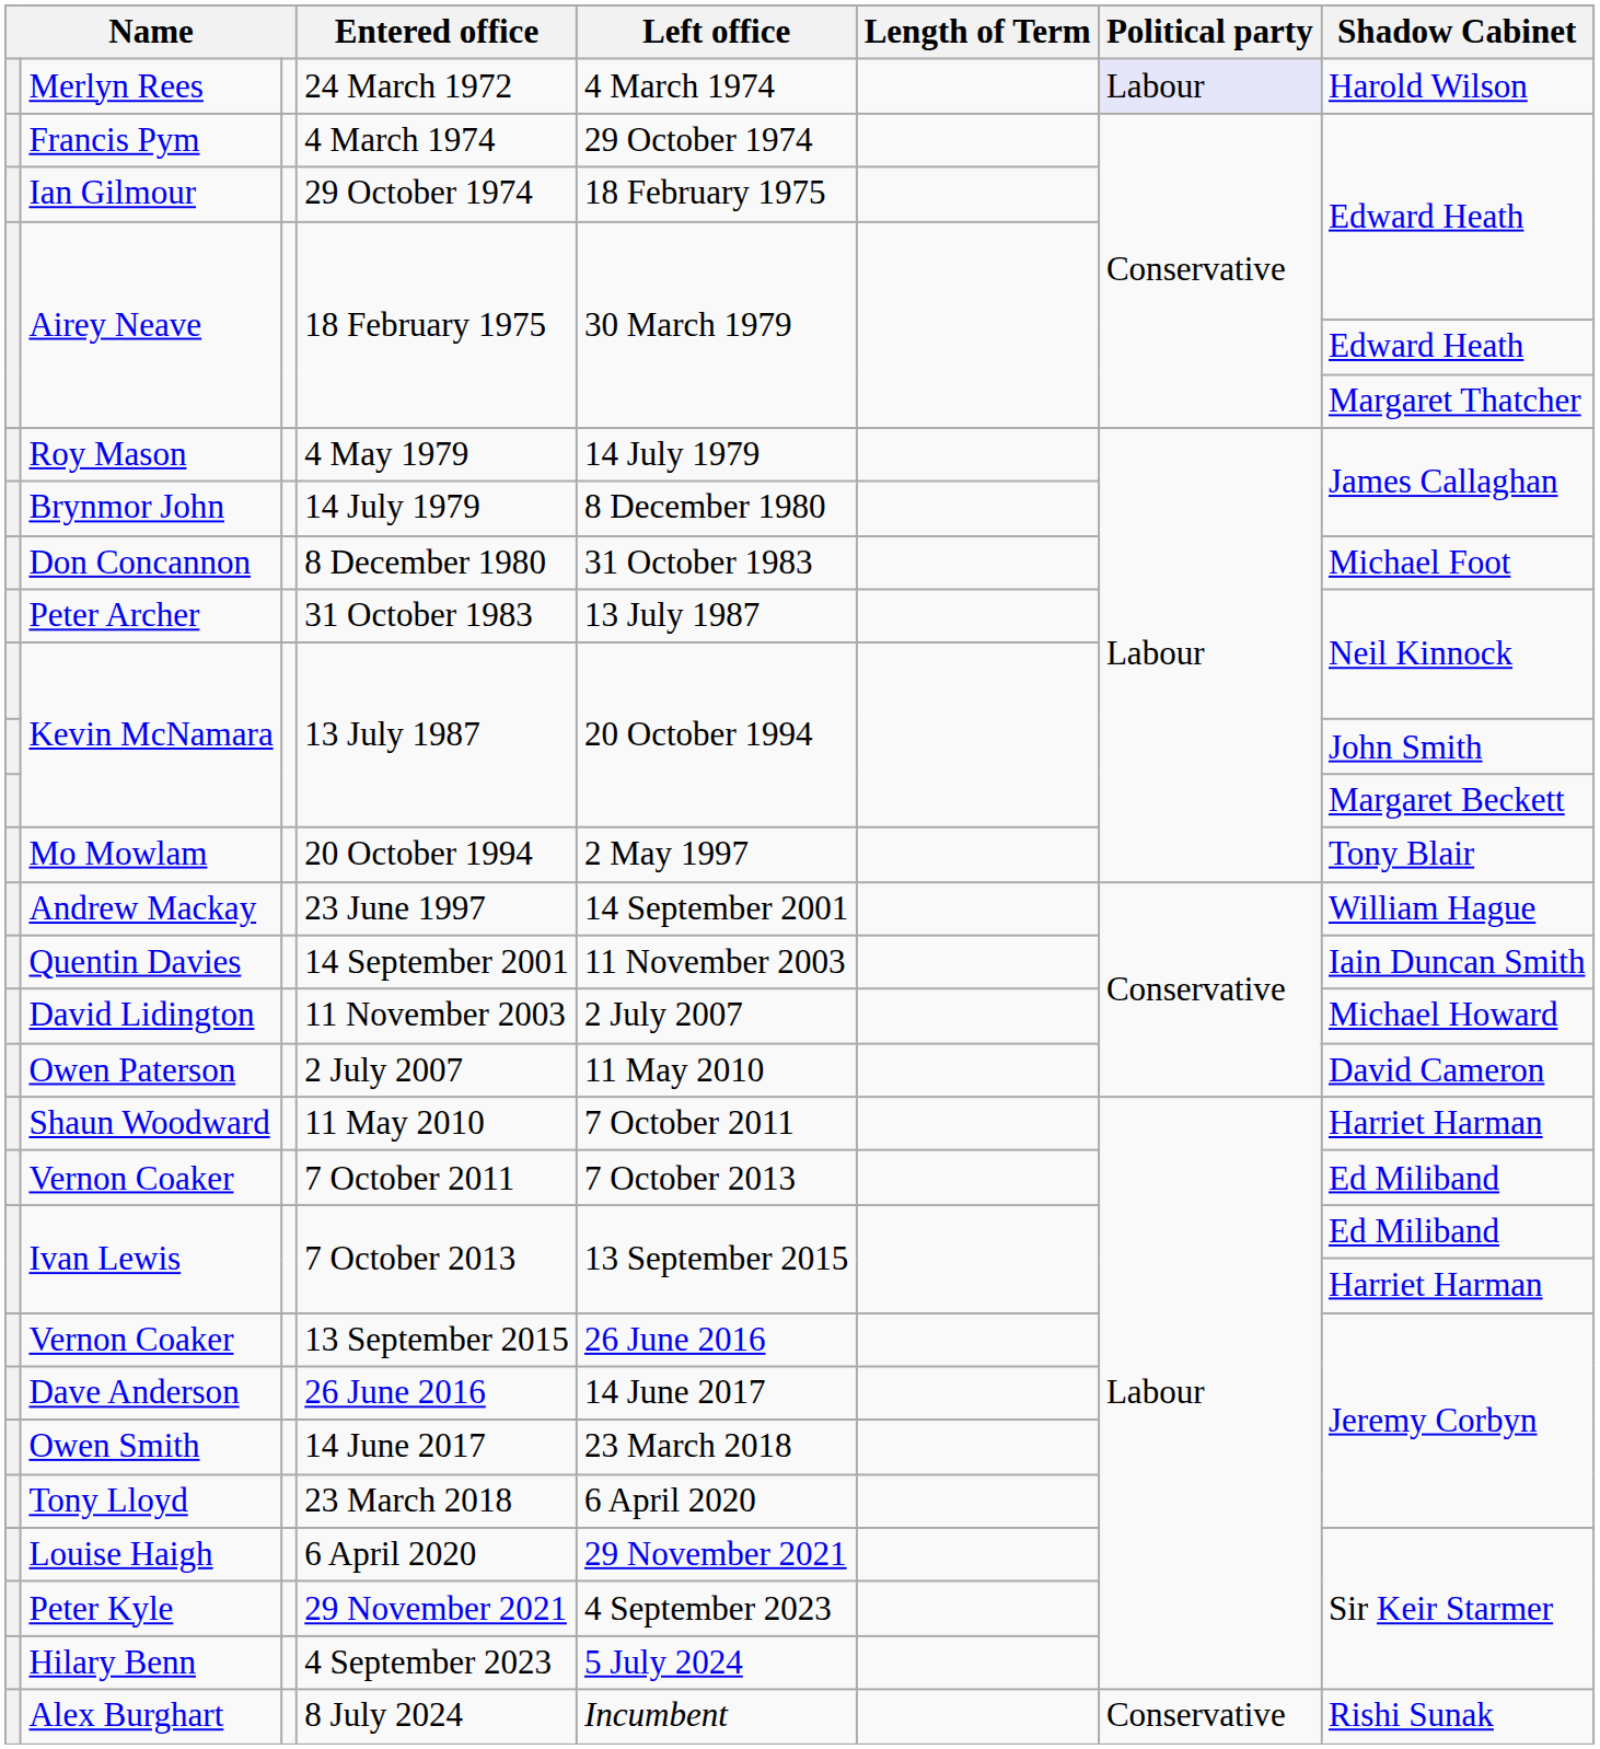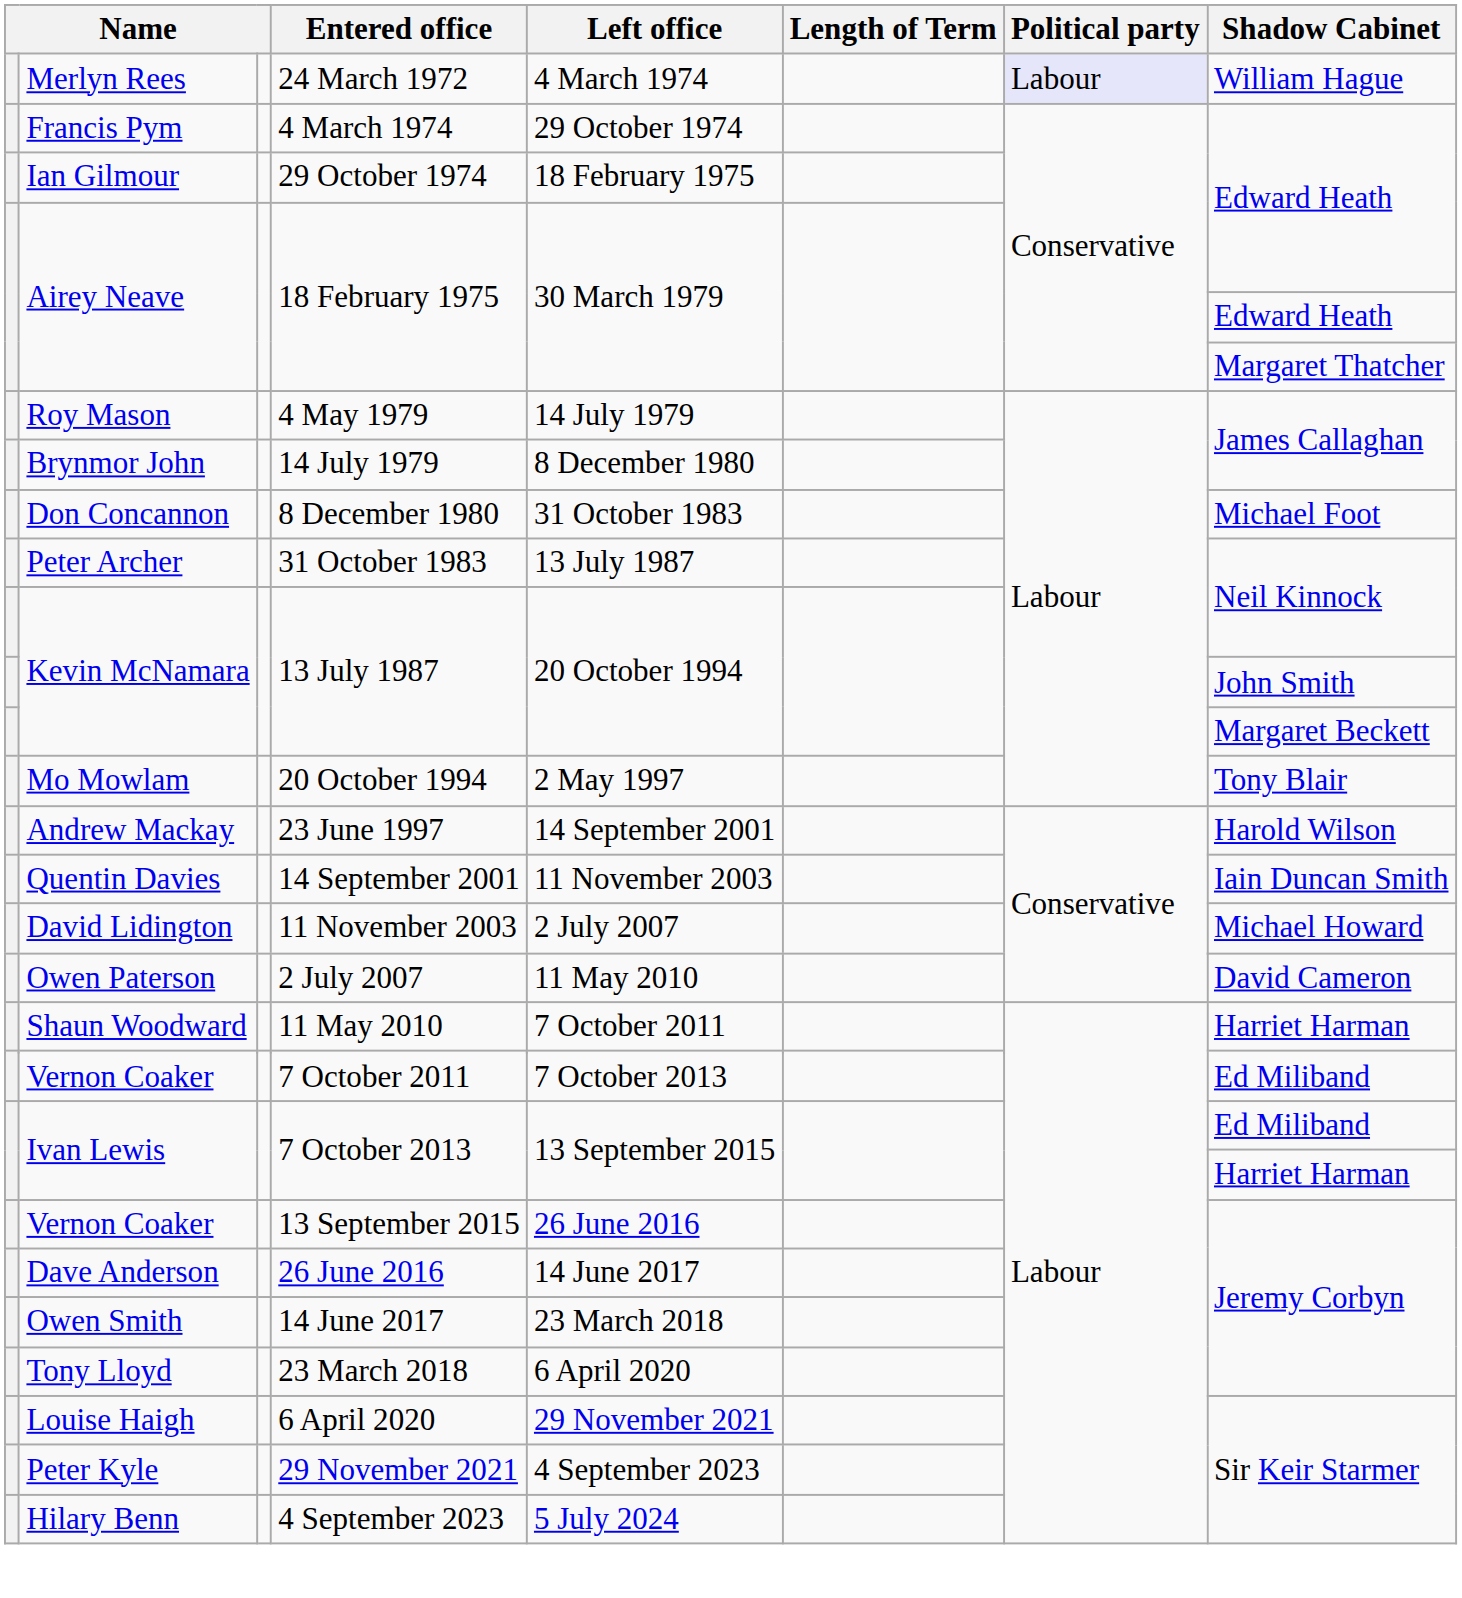 <table class="wikitable">
 <tr>
 <th colspan=3>Name</th>
 <th>Entered office</th>
 <th>Left office</th>
 <th>Length of Term</th>
 <th>Political party</th>
 <th>Shadow Cabinet</th>
 </tr>
 <tr>
 <th style="background-color: "></th>
 <td><a href='#'>Merlyn Rees</a></td>
 <td></td>
 <td>24 March 1972</td>
 <td>4 March 1974</td>
 <td></td>
 <td style="background: lavender;">Labour</td>
-<td><a href='#'>Harold Wilson</a></td>
+<td><a href='#'>William Hague</a></td>
 </tr>
 <tr>
 <th style="background-color: "></th>
 <td><a href='#'>Francis Pym</a></td>
 <td></td>
 <td>4 March 1974</td>
 <td>29 October 1974</td>
 <td></td>
 <td rowspan="5">Conservative</td>
 <td rowspan=3> <br> <br><a href='#'>Edward Heath</a><br> <br> </td>
 </tr>
 <tr>
 <th style="background-color: "></th>
 <td><a href='#'>Ian Gilmour</a></td>
 <td></td>
 <td>29 October 1974</td>
 <td>18 February 1975</td>
 <td></td>
 </tr>
 <tr>
 <th rowspan=3 style="background-color: "></th>
 <td rowspan="3"> <br><a href='#'>Airey Neave</a><br> </td>
 <td rowspan="3"></td>
 <td rowspan="3">18 February 1975</td>
 <td rowspan="3">30 March 1979</td>
 <td rowspan="3"></td>
 </tr>
 <tr>
 <td><a href='#'>Edward Heath</a></td>
 </tr>
 <tr>
 <td><a href='#'>Margaret Thatcher</a></td>
 </tr>
 <tr>
 <th style="background-color: "></th>
 <td><a href='#'>Roy Mason</a></td>
 <td></td>
 <td>4 May 1979</td>
 <td>14 July 1979</td>
 <td></td>
 <td rowspan="8">Labour</td>
 <td rowspan="2"><a href='#'>James Callaghan</a></td>
 </tr>
 <tr>
 <th style="background-color: "></th>
 <td><a href='#'>Brynmor John</a></td>
 <td></td>
 <td>14 July 1979</td>
 <td>8 December 1980</td>
 <td></td>
 </tr>
 <tr>
 <th style="background-color: "></th>
 <td><a href='#'>Don Concannon</a></td>
 <td></td>
 <td>8 December 1980</td>
 <td>31 October 1983</td>
 <td></td>
 <td><a href='#'>Michael Foot</a></td>
 </tr>
 <tr>
 <th style="background-color: "></th>
 <td><a href='#'>Peter Archer</a></td>
 <td></td>
 <td>31 October 1983</td>
 <td>13 July 1987</td>
 <td></td>
 <td rowspan="2"> <br><a href='#'>Neil Kinnock</a><br> </td>
 </tr>
 <tr>
 <th style="background-color: "></th>
 <td rowspan="3"> <br><a href='#'>Kevin McNamara</a><br> </td>
 <td rowspan="3"></td>
 <td rowspan="3">13 July 1987</td>
 <td rowspan="3">20 October 1994</td>
 <td rowspan="3"><strong></strong></td>
 </tr>
 <tr>
 <th style="background-color: "></th>
 <td><a href='#'>John Smith</a></td>
 </tr>
 <tr>
 <th style="background-color: "></th>
 <td><a href='#'>Margaret Beckett</a></td>
 </tr>
 <tr>
 <th style="background-color: "></th>
 <td><a href='#'>Mo Mowlam</a></td>
 <td></td>
 <td>20 October 1994</td>
 <td>2 May 1997</td>
 <td></td>
 <td><a href='#'>Tony Blair</a></td>
 </tr>
 <tr>
 <th style="background-color: "></th>
 <td><a href='#'>Andrew Mackay</a></td>
 <td></td>
 <td>23 June 1997</td>
 <td>14 September 2001</td>
 <td></td>
 <td rowspan="5">Conservative</td>
-<td><a href='#'>William Hague</a></td>
+<td><a href='#'>Harold Wilson</a></td>
 </tr>
 <tr>
 <th style="background-color: "></th>
 <td><a href='#'>Quentin Davies</a></td>
 <td></td>
 <td>14 September 2001</td>
 <td>11 November 2003</td>
 <td></td>
 <td><a href='#'>Iain Duncan Smith</a></td>
 </tr>
 <tr>
 <th rowspan=2 style="background-color: "></th>
 <td rowspan=2><a href='#'>David Lidington</a></td>
 <td rowspan=2></td>
 <td rowspan=2>11 November 2003</td>
 <td rowspan=2>2 July 2007</td>
 <td rowspan="2"></td>
 <td><a href='#'>Michael Howard</a></td>
 </tr>
 <tr>
 <td rowspan=2><a href='#'>David Cameron</a></td>
 </tr>
 <tr>
 <th style="background-color: "></th>
 <td><a href='#'>Owen Paterson</a></td>
 <td></td>
 <td>2 July 2007</td>
 <td>11 May 2010</td>
 <td></td>
 </tr>
 <tr>
 <th rowspan=2 style="background-color: "></th>
 <td rowspan=2><a href='#'>Shaun Woodward</a></td>
 <td rowspan=2></td>
 <td rowspan=2>11 May 2010</td>
 <td rowspan=2>7 October 2011</td>
 <td rowspan="2"></td>
 <td rowspan="13">Labour</td>
 <td><a href='#'>Harriet Harman</a></td>
 </tr>
 <tr>
 <td rowspan=3><a href='#'>Ed Miliband</a></td>
 </tr>
 <tr>
 <th style="background-color: "></th>
 <td><a href='#'>Vernon Coaker</a></td>
 <td></td>
 <td>7 October 2011</td>
 <td>7 October 2013</td>
 <td></td>
 </tr>
 <tr>
 <th rowspan=3 style="background-color: "></th>
 <td rowspan="3"><a href='#'>Ivan Lewis</a></td>
 <td rowspan="3"></td>
 <td rowspan="3">7 October 2013</td>
 <td rowspan="3">13 September 2015</td>
 <td rowspan="3"></td>
 </tr>
 <tr>
 <td><a href='#'>Ed Miliband</a></td>
 </tr>
 <tr>
 <td><a href='#'>Harriet Harman</a></td>
 </tr>
 <tr>
 <th style="background-color: "></th>
 <td><a href='#'>Vernon Coaker</a></td>
 <td></td>
 <td>13 September 2015</td>
 <td><a href='#'>26 June 2016</a></td>
 <td></td>
 <td rowspan="4"><a href='#'>Jeremy Corbyn</a></td>
 </tr>
 <tr>
 <th style="background-color: "></th>
 <td><a href='#'>Dave Anderson</a></td>
 <td></td>
 <td><a href='#'>26 June 2016</a></td>
 <td>14 June 2017</td>
 <td></td>
 </tr>
 <tr>
 <th style="background-color: "></th>
 <td><a href='#'>Owen Smith</a></td>
 <td></td>
 <td>14 June 2017</td>
 <td>23 March 2018</td>
 <td></td>
 </tr>
 <tr>
 <th style="background-color: "></th>
 <td><a href='#'>Tony Lloyd</a></td>
 <td></td>
 <td>23 March 2018</td>
 <td>6 April 2020</td>
 <td></td>
 </tr>
 <tr>
 <th style="background-color: "></th>
 <td><a href='#'>Louise Haigh</a></td>
 <td></td>
 <td>6 April 2020</td>
 <td><a href='#'>29 November 2021</a></td>
 <td></td>
 <td rowspan="3">Sir <a href='#'>Keir Starmer</a></td>
 </tr>
 <tr>
 <th style="background-color: "></th>
 <td><a href='#'>Peter Kyle</a></td>
 <td></td>
 <td><a href='#'>29 November 2021</a></td>
 <td>4 September 2023</td>
 <td></td>
 </tr>
 <tr>
 <th style="background-color: "></th>
 <td><a href='#'>Hilary Benn</a></td>
 <td></td>
 <td>4 September 2023</td>
 <td><a href='#'>5 July 2024</a></td>
 <td></td>
 </tr>
-<tr>
-<th style="background-color: "></th>
-<td><a href='#'>Alex Burghart</a></td>
-<td></td>
-<td>8 July 2024</td>
-<td><em>Incumbent</em></td>
-<td></td>
-<td>Conservative</td>
-<td><a href='#'>Rishi Sunak</a></td>
-</tr>
 </table>
